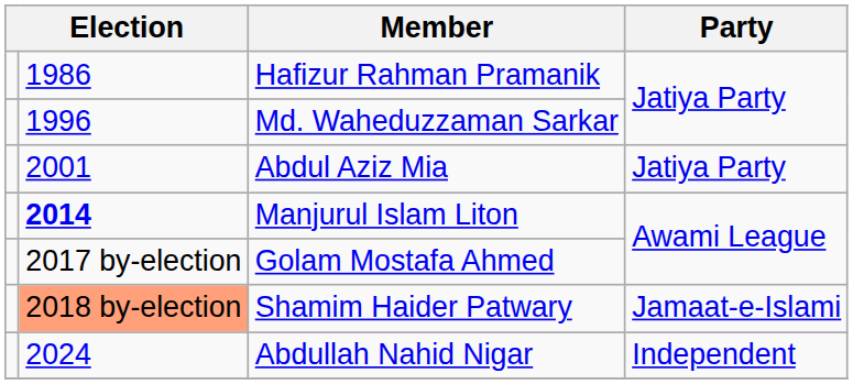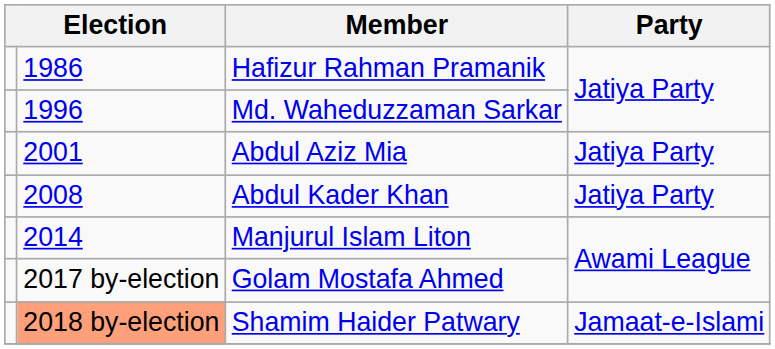 <table class="wikitable">
 <tr>
 <th colspan="2">Election</th>
 <th>Member</th>
 <th>Party</th>
 </tr>
 <tr>
 <td style="background-color:"></td>
 <td><a href='#'>1986</a></td>
 <td><a href='#'>Hafizur Rahman Pramanik</a></td>
 <td rowspan="2"><a href='#'>Jatiya Party</a></td>
 </tr>
 <tr>
 <td style="background-color:"></td>
 <td><a href='#'>1996</a></td>
 <td><a href='#'>Md. Waheduzzaman Sarkar</a></td>
 </tr>
 <tr>
 <td style="background-color:"></td>
 <td><a href='#'>2001</a></td>
 <td><a href='#'>Abdul Aziz Mia</a></td>
 <td><a href='#'>Jatiya Party</a></td>
 </tr>
 <tr>
 <td style="background-color:"></td>
-<td><strong><a href='#'>2014</a></strong></td>
+<td><a href='#'>2008</a></td>
+<td><a href='#'>Abdul Kader Khan</a></td>
+<td><a href='#'>Jatiya Party</a></td>
+</tr>
+<tr>
+<td style="background-color:"></td>
+<td><a href='#'>2014</a></td>
 <td><a href='#'>Manjurul Islam Liton</a></td>
 <td rowspan="2"><a href='#'>Awami League</a></td>
 </tr>
 <tr>
 <td style="background-color:"></td>
 <td>2017 by-election</td>
 <td><a href='#'>Golam Mostafa Ahmed</a></td>
 </tr>
 <tr>
 <td style="background-color:"></td>
 <td style="background: lightsalmon;">2018 by-election</td>
 <td><a href='#'>Shamim Haider Patwary</a></td>
 <td><a href='#'>Jamaat-e-Islami</a></td>
 </tr>
 <tr>
-<td style="background-color:"></td>
-<td><a href='#'>2024</a></td>
-<td><a href='#'>Abdullah Nahid Nigar</a></td>
-<td><a href='#'>Independent</a></td>
-</tr>
-<tr>
 </tr>
 </table>
